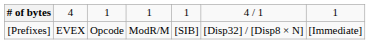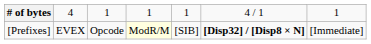 <table class="wikitable" style="text-align:center;">
 <tr>
 <th># of bytes</th>
 <td>4</td>
 <td>1</td>
 <td>1</td>
 <td>1</td>
 <td>4 / 1</td>
 <td>1</td>
 </tr>
 <tr>
 <td>[Prefixes]</td>
 <td>EVEX</td>
 <td>Opcode</td>
-<td>ModR/M</td>
+<td style="background: lightyellow;">ModR/M</td>
 <td>[SIB]</td>
-<td>[Disp32] / [Disp8 × N]</td>
+<td><strong>[Disp32] / [Disp8 × N]</strong></td>
 <td>[Immediate]</td>
 </tr>
 </table>
